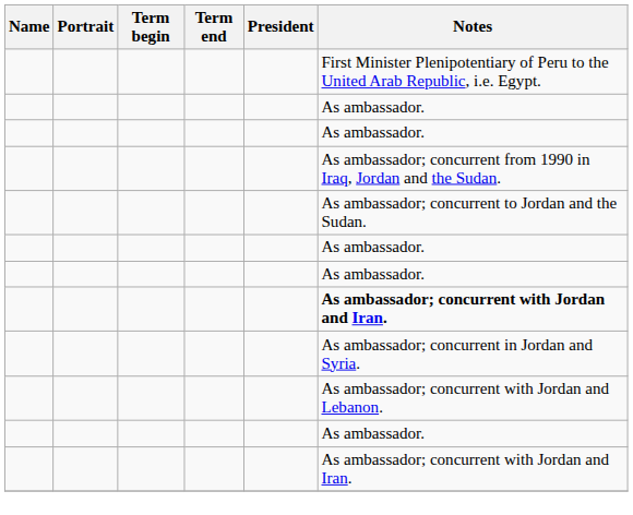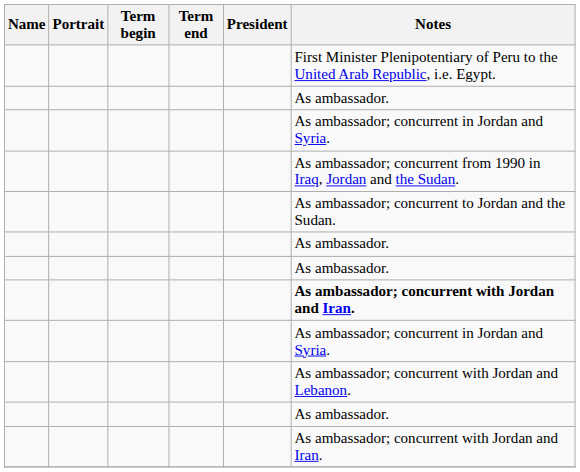 <table class="wikitable sortable"  text-align:center;">
 <tr>
 <th>Name</th>
 <th class="unsortable">Portrait</th>
 <th>Term begin</th>
 <th>Term end</th>
 <th>President</th>
 <th class="unsortable">Notes</th>
 </tr>
 <tr>
 <td></td>
 <td></td>
 <td></td>
 <td></td>
 <td></td>
 <td>First Minister Plenipotentiary of Peru to the <a href='#'>United Arab Republic</a>, i.e. Egypt.</td>
 </tr>
 <tr>
 <td></td>
 <td></td>
 <td> </td>
 <td></td>
 <td></td>
 <td>As ambassador.</td>
 </tr>
 <tr>
 <td></td>
 <td></td>
 <td></td>
 <td></td>
 <td></td>
-<td>As ambassador.</td>
+<td>As ambassador; concurrent in Jordan and <a href='#'>Syria</a>.</td>
 </tr>
 <tr>
 <td></td>
 <td></td>
 <td></td>
 <td></td>
 <td></td>
 <td>As ambassador; concurrent from 1990 in <a href='#'>Iraq</a>, <a href='#'>Jordan</a> and <a href='#'>the Sudan</a>.</td>
 </tr>
 <tr>
 <td></td>
 <td></td>
 <td></td>
 <td></td>
 <td></td>
 <td>As ambassador; concurrent to Jordan and the Sudan.</td>
 </tr>
 <tr>
 <td></td>
 <td></td>
 <td></td>
 <td></td>
 <td></td>
 <td>As ambassador.</td>
 </tr>
 <tr>
 <td></td>
 <td></td>
 <td></td>
 <td></td>
 <td></td>
 <td>As ambassador.</td>
 </tr>
 <tr>
 <td></td>
 <td></td>
 <td></td>
 <td></td>
 <td></td>
 <td><strong>As ambassador; concurrent with Jordan and <a href='#'>Iran</a>.</strong></td>
 </tr>
 <tr>
 <td></td>
 <td></td>
 <td></td>
 <td></td>
 <td></td>
 <td>As ambassador; concurrent in Jordan and <a href='#'>Syria</a>.</td>
 </tr>
 <tr>
 <td></td>
 <td></td>
 <td></td>
 <td></td>
 <td></td>
 <td>As ambassador; concurrent with Jordan and <a href='#'>Lebanon</a>.</td>
 </tr>
 <tr>
 <td></td>
 <td></td>
 <td></td>
 <td></td>
 <td></td>
 <td>As ambassador.</td>
 </tr>
 <tr>
 <td></td>
 <td></td>
 <td></td>
 <td></td>
 <td></td>
 <td>As ambassador; concurrent with Jordan and <a href='#'>Iran</a>.</td>
 </tr>
 <tr>
 </tr>
 </table>
